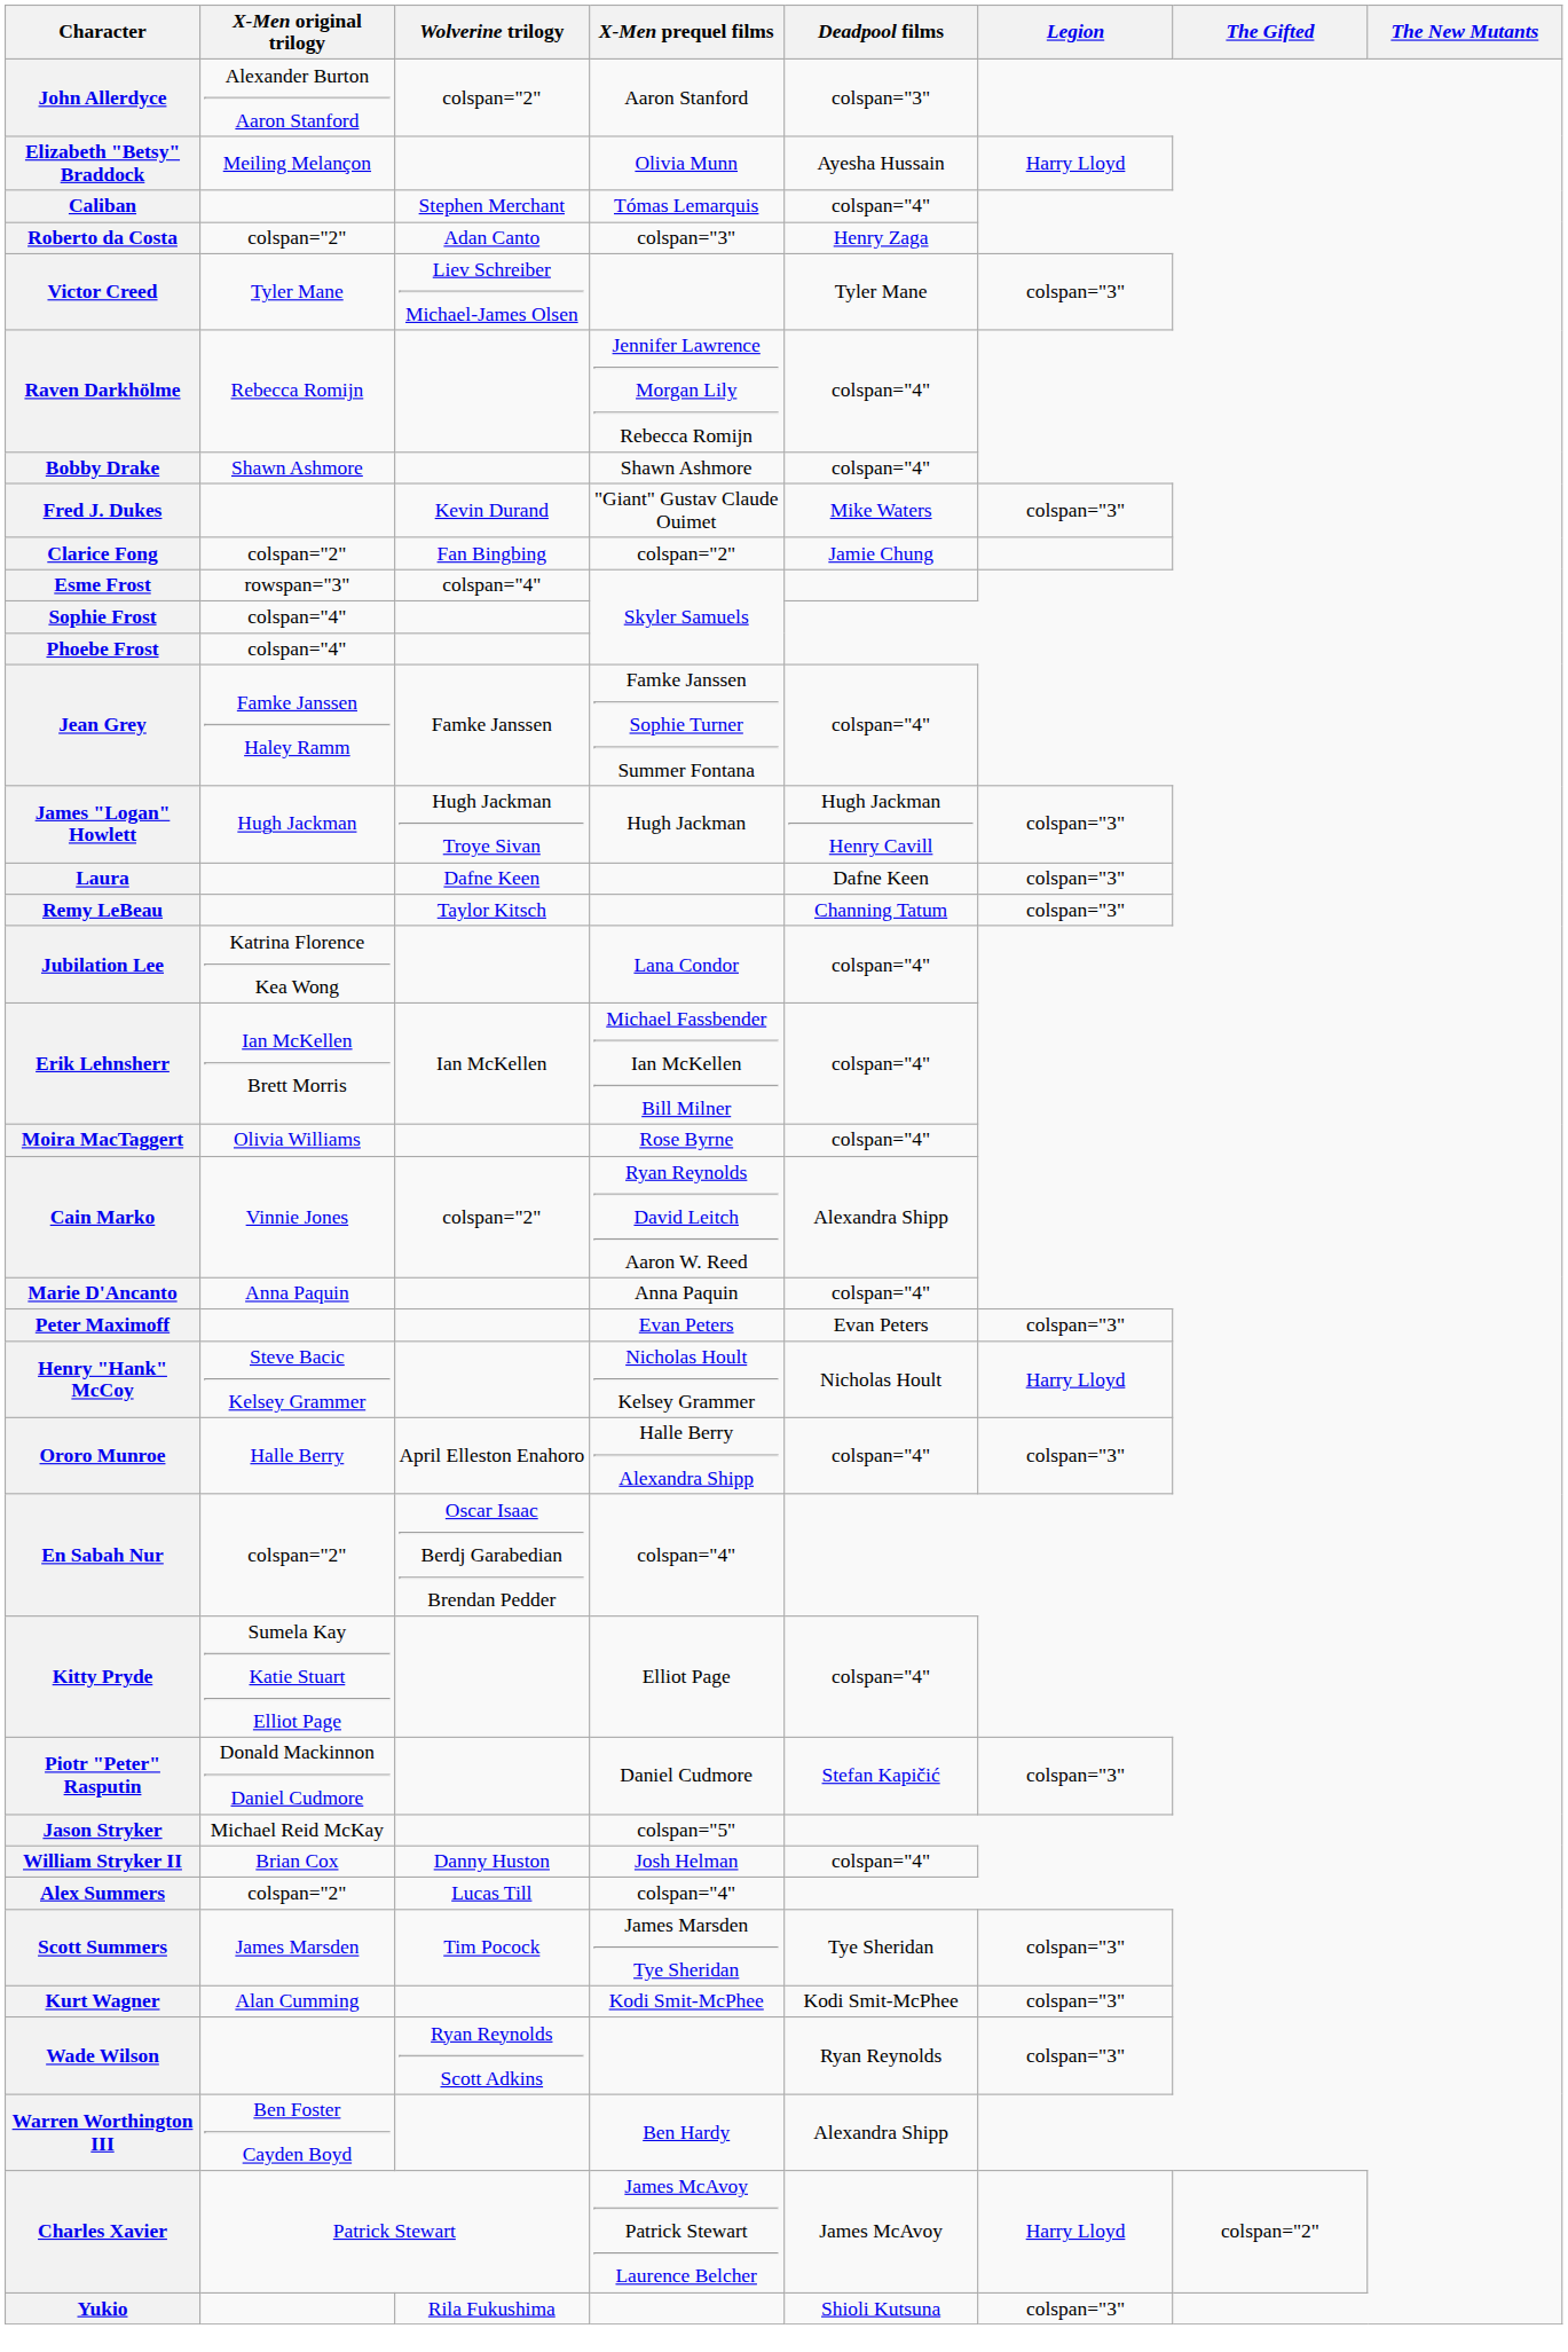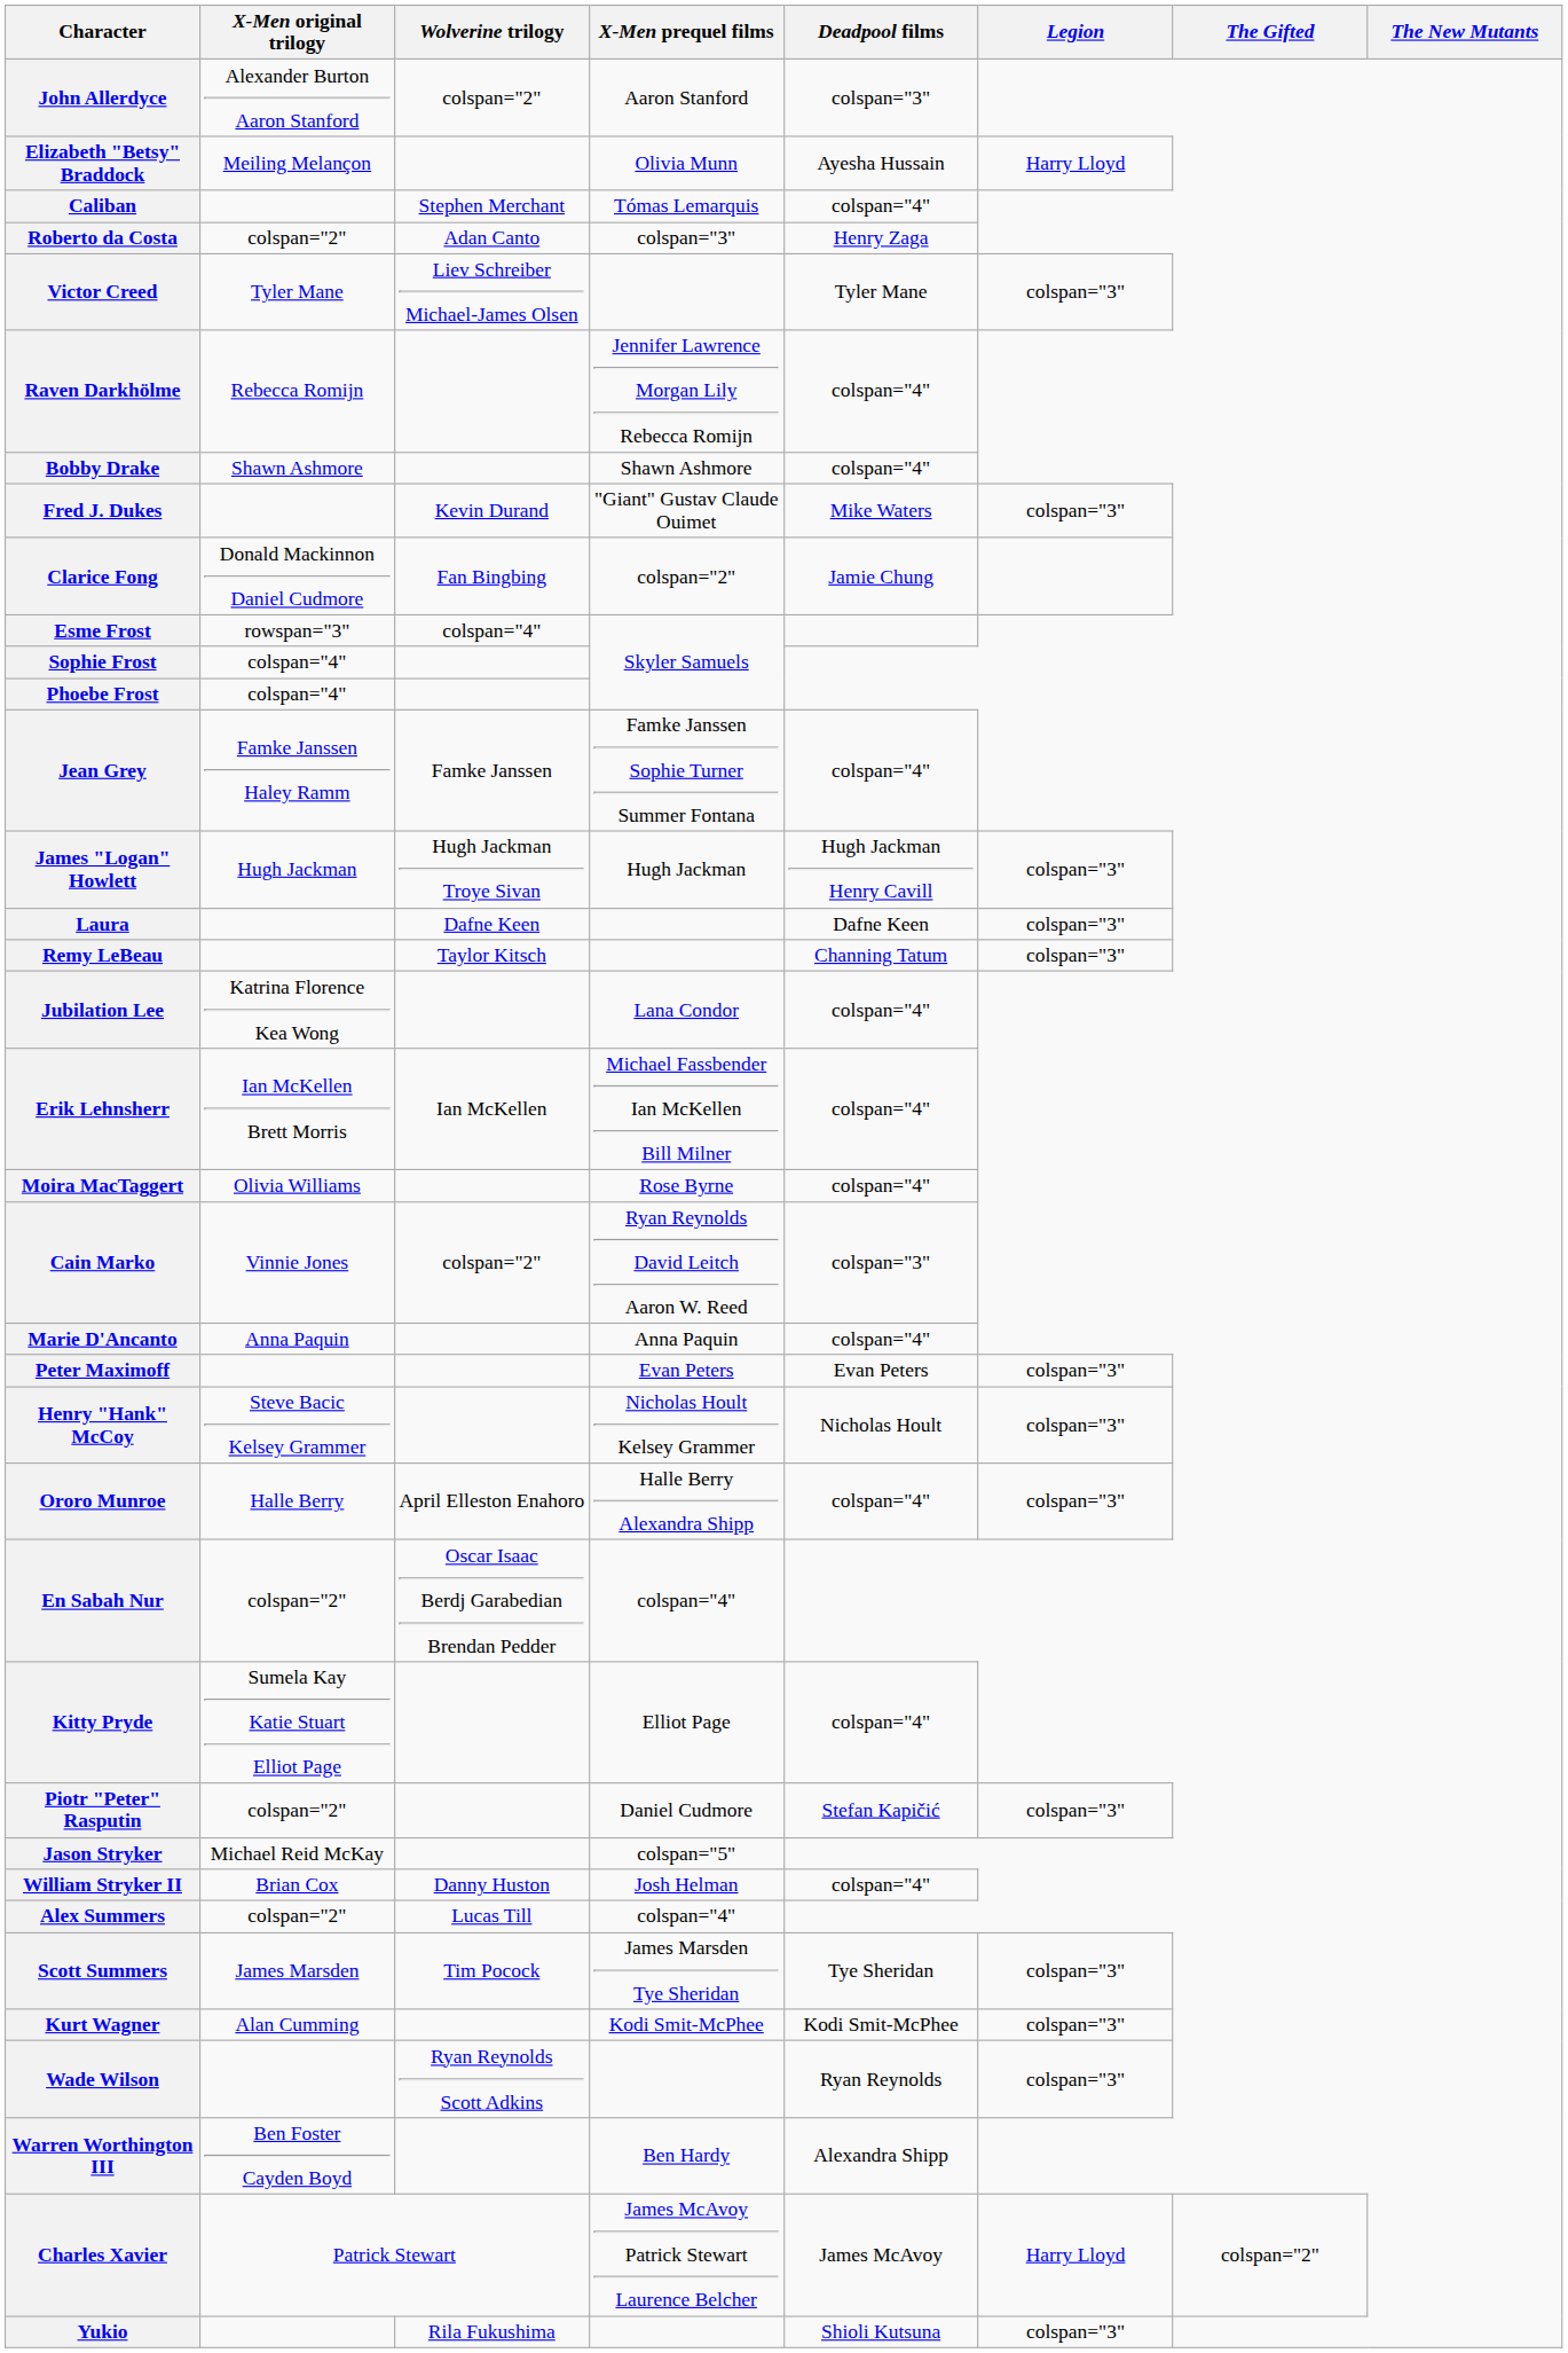 <table class="wikitable sticky-header" style="text-align: center;">
 <tr>
 <th scope="col" align="center" width="12.5%">Character</th>
 <th scope="col" align="center" width="12.5%"><em>X-Men</em> original trilogy</th>
 <th scope="col" align="center" width="12.5%"><em>Wolverine</em> trilogy</th>
 <th scope="col" align="center" width="12.5%"><em>X-Men</em> prequel films</th>
 <th scope="col" align="center" width="12.5%"><em>Deadpool</em> films</th>
 <th scope="col" align="center" width="12.5%"><em><a href='#'>Legion</a></em></th>
 <th scope="col" align="center" width="12.5%"><em><a href='#'>The Gifted</a></em></th>
 <th scope="col" align="center" width="12.5%"><em><a href='#'>The New Mutants</a></em></th>
 </tr>
 <tr>
 <th scope="row"><a href='#'>John Allerdyce<br></a></th>
 <td>Alexander Burton<hr><a href='#'>Aaron Stanford</a></td>
 <td>colspan="2" </td>
 <td>Aaron Stanford</td>
 <td>colspan="3" </td>
 </tr>
 <tr>
 <th scope="row"><a href='#'>Elizabeth "Betsy" Braddock<br></a></th>
 <td><a href='#'>Meiling Melançon</a></td>
 <td></td>
 <td><a href='#'>Olivia Munn</a></td>
 <td>Ayesha Hussain</td>
 <td><a href='#'>Harry Lloyd</a></td>
 </tr>
 <tr>
 <th scope="row"><a href='#'>Caliban</a></th>
 <td></td>
 <td><a href='#'>Stephen Merchant</a></td>
 <td><a href='#'>Tómas Lemarquis</a></td>
 <td>colspan="4" </td>
 </tr>
 <tr>
 <th scope="row"><a href='#'>Roberto da Costa<br></a></th>
 <td>colspan="2" </td>
 <td><a href='#'>Adan Canto</a></td>
 <td>colspan="3" </td>
 <td><a href='#'>Henry Zaga</a></td>
 </tr>
 <tr>
 <th scope="row"><a href='#'>Victor Creed<br></a></th>
 <td><a href='#'>Tyler Mane</a></td>
 <td><a href='#'>Liev Schreiber</a><hr><a href='#'>Michael-James Olsen</a></td>
 <td></td>
 <td>Tyler Mane</td>
 <td>colspan="3" </td>
 </tr>
 <tr>
 <th scope="row"><a href='#'>Raven Darkhölme<br></a></th>
 <td><a href='#'>Rebecca Romijn</a></td>
 <td></td>
 <td><a href='#'>Jennifer Lawrence</a><hr><a href='#'>Morgan Lily</a><hr>Rebecca Romijn</td>
 <td>colspan="4" </td>
 </tr>
 <tr>
 <th scope="row"><a href='#'>Bobby Drake<br></a></th>
 <td><a href='#'>Shawn Ashmore</a></td>
 <td></td>
 <td>Shawn Ashmore</td>
 <td>colspan="4" </td>
 </tr>
 <tr>
 <th scope="row"><a href='#'>Fred J. Dukes<br></a></th>
 <td></td>
 <td><a href='#'>Kevin Durand</a></td>
 <td>"Giant" Gustav Claude Ouimet</td>
 <td><a href='#'>Mike Waters</a></td>
 <td>colspan="3" </td>
 </tr>
 <tr>
 <th scope="row"><a href='#'>Clarice Fong<br></a></th>
-<td>colspan="2" </td>
+<td>Donald Mackinnon<hr><a href='#'>Daniel Cudmore</a></td>
 <td><a href='#'>Fan Bingbing</a></td>
 <td>colspan="2" </td>
 <td><a href='#'>Jamie Chung</a></td>
 <td></td>
 </tr>
 <tr>
 <th scope="row"><a href='#'>Esme Frost<br></a></th>
 <td>rowspan="3" </td>
 <td>colspan="4" </td>
 <td rowspan="3"><a href='#'>Skyler Samuels</a></td>
 <td></td>
 </tr>
 <tr>
 <th scope="row"><a href='#'>Sophie Frost<br></a></th>
 <td>colspan="4" </td>
 <td></td>
 </tr>
 <tr>
 <th scope="row"><a href='#'>Phoebe Frost<br></a></th>
 <td>colspan="4" </td>
 <td></td>
 </tr>
 <tr>
 <th scope="row"><a href='#'>Jean Grey<br></a></th>
 <td><a href='#'>Famke Janssen</a><hr><a href='#'>Haley Ramm</a></td>
 <td>Famke Janssen</td>
 <td>Famke Janssen<hr><a href='#'>Sophie Turner</a><hr>Summer Fontana</td>
 <td>colspan="4" </td>
 </tr>
 <tr>
 <th scope="row"><a href='#'>James "Logan" Howlett<br></a></th>
 <td><a href='#'>Hugh Jackman</a></td>
 <td>Hugh Jackman<hr><a href='#'>Troye Sivan</a></td>
 <td>Hugh Jackman</td>
 <td>Hugh Jackman<hr><a href='#'>Henry Cavill</a></td>
 <td>colspan="3" </td>
 </tr>
 <tr>
 <th scope="row"><a href='#'>Laura<br></a></th>
 <td></td>
 <td><a href='#'>Dafne Keen</a></td>
 <td></td>
 <td>Dafne Keen</td>
 <td>colspan="3" </td>
 </tr>
 <tr>
 <th scope="row"><a href='#'>Remy LeBeau<br></a></th>
 <td></td>
 <td><a href='#'>Taylor Kitsch</a></td>
 <td></td>
 <td><a href='#'>Channing Tatum</a></td>
 <td>colspan="3" </td>
 </tr>
 <tr>
 <th scope="row"><a href='#'>Jubilation Lee<br></a></th>
 <td>Katrina Florence<hr>Kea Wong</td>
 <td></td>
 <td><a href='#'>Lana Condor</a></td>
 <td>colspan="4" </td>
 </tr>
 <tr>
 <th scope="row"><a href='#'>Erik Lehnsherr<br></a></th>
 <td><a href='#'>Ian McKellen</a><hr>Brett Morris</td>
 <td>Ian McKellen</td>
 <td><a href='#'>Michael Fassbender</a><hr>Ian McKellen<hr><a href='#'>Bill Milner</a></td>
 <td>colspan="4" </td>
 </tr>
 <tr>
 <th scope="row"><a href='#'>Moira MacTaggert</a></th>
 <td><a href='#'>Olivia Williams</a></td>
 <td></td>
 <td><a href='#'>Rose Byrne</a></td>
 <td>colspan="4" </td>
 </tr>
 <tr>
 <th scope="row"><a href='#'>Cain Marko<br></a></th>
 <td><a href='#'>Vinnie Jones</a></td>
 <td>colspan="2" </td>
 <td><a href='#'>Ryan Reynolds</a><hr><a href='#'>David Leitch</a><hr>Aaron W. Reed</td>
-<td>Alexandra Shipp</td>
+<td>colspan="3" </td>
 </tr>
 <tr>
 <th scope="row"><a href='#'>Marie D'Ancanto<br></a></th>
 <td><a href='#'>Anna Paquin</a></td>
 <td></td>
 <td>Anna Paquin</td>
 <td>colspan="4" </td>
 </tr>
 <tr>
 <th scope="row"><a href='#'>Peter Maximoff<br></a></th>
 <td></td>
 <td></td>
 <td><a href='#'>Evan Peters</a></td>
 <td>Evan Peters</td>
 <td>colspan="3" </td>
 </tr>
 <tr>
 <th scope="row"><a href='#'>Henry "Hank" McCoy<br></a></th>
 <td><a href='#'>Steve Bacic</a><hr><a href='#'>Kelsey Grammer</a></td>
 <td></td>
 <td><a href='#'>Nicholas Hoult</a><hr>Kelsey Grammer</td>
 <td>Nicholas Hoult</td>
-<td><a href='#'>Harry Lloyd</a></td>
+<td>colspan="3" </td>
 </tr>
 <tr>
 <th scope="row"><a href='#'>Ororo Munroe<br></a></th>
 <td><a href='#'>Halle Berry</a></td>
 <td>April Elleston Enahoro</td>
 <td>Halle Berry<hr><a href='#'>Alexandra Shipp</a></td>
 <td>colspan="4" </td>
 <td>colspan="3" </td>
 </tr>
 <tr>
 <th scope="row"><a href='#'>En Sabah Nur<br></a></th>
 <td>colspan="2" </td>
 <td><a href='#'>Oscar Isaac</a><hr>Berdj Garabedian<hr>Brendan Pedder</td>
 <td>colspan="4" </td>
 </tr>
 <tr>
 <th scope="row"><a href='#'>Kitty Pryde</a></th>
 <td>Sumela Kay<hr><a href='#'>Katie Stuart</a><hr><a href='#'>Elliot Page</a></td>
 <td></td>
 <td>Elliot Page</td>
 <td>colspan="4" </td>
 </tr>
 <tr>
 <th scope="row"><a href='#'>Piotr "Peter" Rasputin<br></a></th>
-<td>Donald Mackinnon<hr><a href='#'>Daniel Cudmore</a></td>
+<td>colspan="2" </td>
 <td></td>
 <td>Daniel Cudmore</td>
 <td><a href='#'>Stefan Kapičić</a></td>
 <td>colspan="3" </td>
 </tr>
 <tr>
 <th scope="row"><a href='#'>Jason Stryker</a></th>
 <td>Michael Reid McKay</td>
 <td></td>
 <td>colspan="5" </td>
 </tr>
 <tr>
 <th scope="row"><a href='#'>William Stryker II</a></th>
 <td><a href='#'>Brian Cox</a></td>
 <td><a href='#'>Danny Huston</a></td>
 <td><a href='#'>Josh Helman</a></td>
 <td>colspan="4" </td>
 </tr>
 <tr>
 <th scope="row"><a href='#'>Alex Summers<br></a></th>
 <td>colspan="2" </td>
 <td><a href='#'>Lucas Till</a></td>
 <td>colspan="4" </td>
 </tr>
 <tr>
 <th scope="row"><a href='#'>Scott Summers<br></a></th>
 <td><a href='#'>James Marsden</a></td>
 <td><a href='#'>Tim Pocock</a></td>
 <td>James Marsden<hr><a href='#'>Tye Sheridan</a></td>
 <td>Tye Sheridan</td>
 <td>colspan="3" </td>
 </tr>
 <tr>
 <th scope="row"><a href='#'>Kurt Wagner<br></a></th>
 <td><a href='#'>Alan Cumming</a></td>
 <td></td>
 <td><a href='#'>Kodi Smit-McPhee</a></td>
 <td>Kodi Smit-McPhee</td>
 <td>colspan="3" </td>
 </tr>
 <tr>
 <th scope="row"><a href='#'>Wade Wilson<br></a></th>
 <td></td>
 <td><a href='#'>Ryan Reynolds</a><hr><a href='#'>Scott Adkins</a></td>
 <td></td>
 <td>Ryan Reynolds</td>
 <td>colspan="3" </td>
 </tr>
 <tr>
 <th scope="row"><a href='#'>Warren Worthington III<br></a></th>
 <td><a href='#'>Ben Foster</a><hr><a href='#'>Cayden Boyd</a></td>
 <td></td>
 <td><a href='#'>Ben Hardy</a></td>
 <td>Alexandra Shipp</td>
 </tr>
 <tr>
 <th scope="row"><a href='#'>Charles Xavier<br></a></th>
 <td colspan="2"><a href='#'>Patrick Stewart</a></td>
 <td><a href='#'>James McAvoy</a><hr>Patrick Stewart<hr><a href='#'>Laurence Belcher</a></td>
 <td>James McAvoy</td>
 <td><a href='#'>Harry Lloyd</a></td>
 <td>colspan="2" </td>
 </tr>
 <tr>
 <th scope="row"><a href='#'>Yukio</a></th>
 <td></td>
 <td><a href='#'>Rila Fukushima</a></td>
 <td></td>
 <td><a href='#'>Shioli Kutsuna</a></td>
 <td>colspan="3" </td>
 </tr>
 </table>
